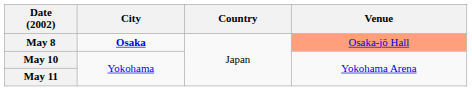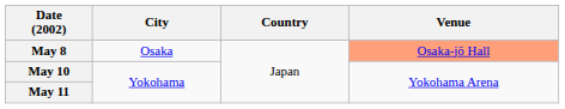 <table class="wikitable plainrowheaders" style="text-align:center;">
 <tr>
 <th width="100">Date<br>(2002)</th>
 <th width="150">City</th>
 <th width="150">Country</th>
 <th width="250">Venue</th>
 </tr>
 <tr>
 <th scope="row">May 8</th>
-<td><strong><a href='#'>Osaka</a></strong></td>
+<td><a href='#'>Osaka</a></td>
 <td rowspan="3">Japan</td>
 <td style="background: lightsalmon;"><a href='#'>Osaka-jō Hall</a></td>
 </tr>
 <tr>
 <th scope="row">May 10</th>
 <td rowspan="2"><a href='#'>Yokohama</a></td>
 <td rowspan="2"><a href='#'>Yokohama Arena</a></td>
 </tr>
 <tr>
 <th scope="row">May 11</th>
 </tr>
 </table>
